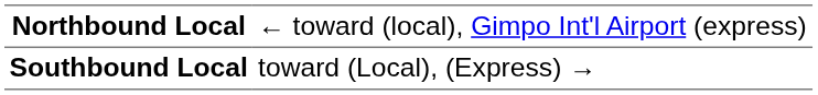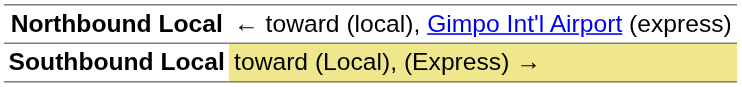 <table border="1" cellspacing="0" cellpadding="3" frame="hsides" rules="rows">
 <tr>
 <th><span>Northbound Local</span></th>
 <td>←  toward  (local), <a href='#'>Gimpo Int'l Airport</a> (express)</td>
 </tr>
 <tr>
 <th><span>Southbound Local</span></th>
-<td>  toward  (Local),  (Express) →</td>
+<td style="background: khaki;">  toward  (Local),  (Express) →</td>
 </tr>
 </table>
